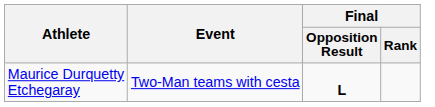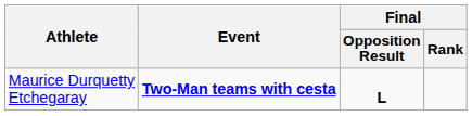 <table class="wikitable" style="font-size:90%;">
 <tr>
 <th rowspan="2">Athlete</th>
 <th rowspan="2">Event</th>
 <th colspan="2">Final</th>
 </tr>
 <tr style="font-size:95%">
 <th>Opposition<br>Result</th>
 <th>Rank</th>
 </tr>
 <tr align="center">
 <td align="left"><a href='#'>Maurice Durquetty</a><br><a href='#'>Etchegaray</a></td>
-<td align="left"><a href='#'>Two-Man teams with cesta</a></td>
+<td align="left"><strong><a href='#'>Two-Man teams with cesta</a></strong></td>
 <td><br><strong>L</strong> </td>
 <td></td>
 </tr>
 </table>
